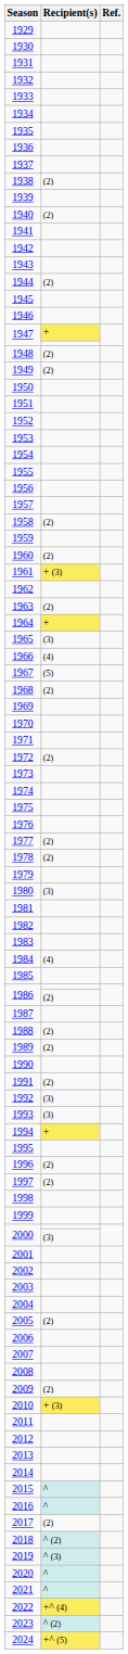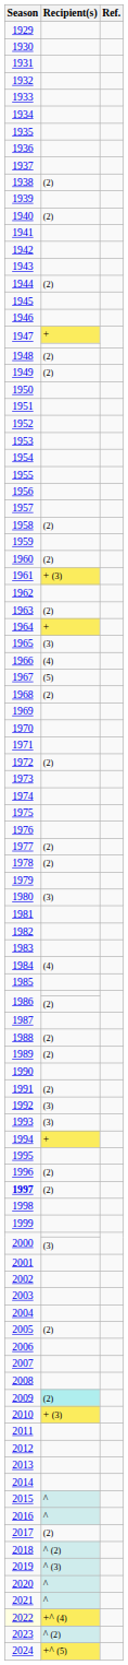 <table class="wikitable sortable" style="text-align:center">
 <tr>
 <th>Season</th>
 <th>Recipient(s)</th>
 <th>Ref.</th>
 </tr>
 <tr>
 <td><a href='#'>1929</a></td>
 <td align=left></td>
 <td></td>
 </tr>
 <tr>
 <td><a href='#'>1930</a></td>
 <td></td>
 <td></td>
 </tr>
 <tr>
 <td><a href='#'>1931</a></td>
 <td></td>
 <td></td>
 </tr>
 <tr>
 <td><a href='#'>1932</a></td>
 <td></td>
 <td></td>
 </tr>
 <tr>
 <td><a href='#'>1933</a></td>
 <td></td>
 <td></td>
 </tr>
 <tr>
 <td><a href='#'>1934</a></td>
 <td align=left></td>
 <td></td>
 </tr>
 <tr>
 <td><a href='#'>1935</a></td>
 <td align=left></td>
 <td></td>
 </tr>
 <tr>
 <td><a href='#'>1936</a></td>
 <td align=left></td>
 <td></td>
 </tr>
 <tr>
 <td><a href='#'>1937</a></td>
 <td align=left></td>
 <td></td>
 </tr>
 <tr>
 <td><a href='#'>1938</a></td>
 <td align=left> <small>(2)</small></td>
 <td></td>
 </tr>
 <tr>
 <td><a href='#'>1939</a></td>
 <td align=left></td>
 <td></td>
 </tr>
 <tr>
 <td><a href='#'>1940</a></td>
 <td align=left> <small>(2)</small></td>
 <td></td>
 </tr>
 <tr>
 <td><a href='#'>1941</a></td>
 <td align=left></td>
 <td></td>
 </tr>
 <tr>
 <td><a href='#'>1942</a></td>
 <td align=left></td>
 <td></td>
 </tr>
 <tr>
 <td><a href='#'>1943</a></td>
 <td align=left></td>
 <td></td>
 </tr>
 <tr>
 <td><a href='#'>1944</a></td>
 <td align=left> <small>(2)</small></td>
 <td></td>
 </tr>
 <tr>
 <td><a href='#'>1945</a></td>
 <td align=left></td>
 <td></td>
 </tr>
 <tr>
 <td><a href='#'>1946</a></td>
 <td align=left></td>
 <td></td>
 </tr>
 <tr>
 <td rowspan=2><a href='#'>1947</a></td>
 <td style="text-align:left; background:#fbec5d;">+</td>
 <td rowspan=2></td>
 </tr>
 <tr>
 <td align=left></td>
 </tr>
 <tr>
 <td><a href='#'>1948</a></td>
 <td align=left> <small>(2)</small></td>
 <td></td>
 </tr>
 <tr>
 <td><a href='#'>1949</a></td>
 <td align=left> <small>(2)</small></td>
 <td></td>
 </tr>
 <tr>
 <td><a href='#'>1950</a></td>
 <td align=left></td>
 <td></td>
 </tr>
 <tr>
 <td><a href='#'>1951</a></td>
 <td align=left></td>
 <td></td>
 </tr>
 <tr>
 <td><a href='#'>1952</a></td>
 <td align=left></td>
 <td></td>
 </tr>
 <tr>
 <td><a href='#'>1953</a></td>
 <td align=left></td>
 <td></td>
 </tr>
 <tr>
 <td><a href='#'>1954</a></td>
 <td align=left></td>
 <td></td>
 </tr>
 <tr>
 <td><a href='#'>1955</a></td>
 <td align=left></td>
 <td></td>
 </tr>
 <tr>
 <td><a href='#'>1956</a></td>
 <td align=left></td>
 <td></td>
 </tr>
 <tr>
 <td><a href='#'>1957</a></td>
 <td align=left></td>
 <td></td>
 </tr>
 <tr>
 <td><a href='#'>1958</a></td>
 <td align=left> <small>(2)</small></td>
 <td></td>
 </tr>
 <tr>
 <td><a href='#'>1959</a></td>
 <td align=left></td>
 <td></td>
 </tr>
 <tr>
 <td><a href='#'>1960</a></td>
 <td align=left> <small>(2)</small></td>
 <td></td>
 </tr>
 <tr>
 <td><a href='#'>1961</a></td>
 <td style="text-align:left; background:#fbec5d;">+ <small>(3)</small></td>
 <td></td>
 </tr>
 <tr>
 <td><a href='#'>1962</a></td>
 <td align=left></td>
 <td></td>
 </tr>
 <tr>
 <td><a href='#'>1963</a></td>
 <td align=left> <small>(2)</small></td>
 <td></td>
 </tr>
 <tr>
 <td><a href='#'>1964</a></td>
 <td style="text-align:left; background:#fbec5d;">+</td>
 <td></td>
 </tr>
 <tr>
 <td><a href='#'>1965</a></td>
 <td align=left> <small>(3)</small></td>
 <td></td>
 </tr>
 <tr>
 <td><a href='#'>1966</a></td>
 <td align=left> <small>(4)</small></td>
 <td></td>
 </tr>
 <tr>
 <td><a href='#'>1967</a></td>
 <td align=left> <small>(5)</small></td>
 <td></td>
 </tr>
 <tr>
 <td><a href='#'>1968</a></td>
 <td align=left> <small>(2)</small></td>
 <td></td>
 </tr>
 <tr>
 <td><a href='#'>1969</a></td>
 <td align=left></td>
 <td></td>
 </tr>
 <tr>
 <td><a href='#'>1970</a></td>
 <td align=left></td>
 <td></td>
 </tr>
 <tr>
 <td><a href='#'>1971</a></td>
 <td align=left></td>
 <td></td>
 </tr>
 <tr>
 <td><a href='#'>1972</a></td>
 <td align=left> <small>(2)</small></td>
 <td></td>
 </tr>
 <tr>
 <td><a href='#'>1973</a></td>
 <td align=left></td>
 <td></td>
 </tr>
 <tr>
 <td><a href='#'>1974</a></td>
 <td align=left></td>
 <td></td>
 </tr>
 <tr>
 <td><a href='#'>1975</a></td>
 <td align=left></td>
 <td></td>
 </tr>
 <tr>
 <td><a href='#'>1976</a></td>
 <td align=left></td>
 <td></td>
 </tr>
 <tr>
 <td><a href='#'>1977</a></td>
 <td align=left> <small>(2)</small></td>
 <td></td>
 </tr>
 <tr>
 <td><a href='#'>1978</a></td>
 <td align=left> <small>(2)</small></td>
 <td></td>
 </tr>
 <tr>
 <td><a href='#'>1979</a></td>
 <td align=left></td>
 <td></td>
 </tr>
 <tr>
 <td><a href='#'>1980</a></td>
 <td align=left> <small>(3)</small></td>
 <td></td>
 </tr>
 <tr>
 <td><a href='#'>1981</a></td>
 <td align=left></td>
 <td></td>
 </tr>
 <tr>
 <td><a href='#'>1982</a></td>
 <td align=left></td>
 <td></td>
 </tr>
 <tr>
 <td><a href='#'>1983</a></td>
 <td align=left></td>
 <td></td>
 </tr>
 <tr>
 <td><a href='#'>1984</a></td>
 <td align=left> <small>(4)</small></td>
 <td></td>
 </tr>
 <tr>
 <td><a href='#'>1985</a></td>
 <td align=left></td>
 <td></td>
 </tr>
 <tr>
 <td rowspan=2><a href='#'>1986</a></td>
 <td align=left></td>
 <td rowspan=2></td>
 </tr>
 <tr>
 <td align=left> <small>(2)</small></td>
 </tr>
 <tr>
 <td><a href='#'>1987</a></td>
 <td align=left></td>
 <td></td>
 </tr>
 <tr>
 <td><a href='#'>1988</a></td>
 <td align=left> <small>(2)</small></td>
 <td></td>
 </tr>
 <tr>
 <td><a href='#'>1989</a></td>
 <td align=left> <small>(2)</small></td>
 <td></td>
 </tr>
 <tr>
 <td><a href='#'>1990</a></td>
 <td align=left></td>
 <td></td>
 </tr>
 <tr>
 <td><a href='#'>1991</a></td>
 <td align=left> <small>(2)</small></td>
 <td></td>
 </tr>
 <tr>
 <td><a href='#'>1992</a></td>
 <td align=left> <small>(3)</small></td>
 <td></td>
 </tr>
 <tr>
 <td><a href='#'>1993</a></td>
 <td align=left> <small>(3)</small></td>
 <td></td>
 </tr>
 <tr>
 <td><a href='#'>1994</a></td>
 <td style="text-align:left; background:#fbec5d;">+</td>
 <td></td>
 </tr>
 <tr>
 <td><a href='#'>1995</a></td>
 <td align=left></td>
 <td></td>
 </tr>
 <tr>
 <td><a href='#'>1996</a></td>
 <td align=left> <small>(2)</small></td>
 <td></td>
 </tr>
 <tr>
-<td><a href='#'>1997</a></td>
+<td><strong><a href='#'>1997</a></strong></td>
 <td align=left> <small>(2)</small></td>
 <td></td>
 </tr>
 <tr>
 <td><a href='#'>1998</a></td>
 <td align=left></td>
 <td></td>
 </tr>
 <tr>
 <td><a href='#'>1999</a></td>
 <td align=left></td>
 <td></td>
 </tr>
 <tr>
 <td rowspan=2><a href='#'>2000</a></td>
 <td align=left></td>
 <td rowspan=2></td>
 </tr>
 <tr>
 <td align=left> <small>(3)</small></td>
 </tr>
 <tr>
 <td><a href='#'>2001</a></td>
 <td align=left></td>
 <td></td>
 </tr>
 <tr>
 <td><a href='#'>2002</a></td>
 <td align=left></td>
 <td></td>
 </tr>
 <tr>
 <td><a href='#'>2003</a></td>
 <td align=left></td>
 <td></td>
 </tr>
 <tr>
 <td><a href='#'>2004</a></td>
 <td align=left></td>
 <td></td>
 </tr>
 <tr>
 <td><a href='#'>2005</a></td>
 <td align=left> <small>(2)</small></td>
 <td></td>
 </tr>
 <tr>
 <td><a href='#'>2006</a></td>
 <td align=left></td>
 <td></td>
 </tr>
 <tr>
 <td><a href='#'>2007</a></td>
 <td align=left></td>
 <td></td>
 </tr>
 <tr>
 <td><a href='#'>2008</a></td>
 <td align=left></td>
 <td></td>
 </tr>
 <tr>
 <td><a href='#'>2009</a></td>
-<td align=left> <small>(2)</small></td>
+<td align=left style="background: paleturquoise;"> <small>(2)</small></td>
 <td></td>
 </tr>
 <tr>
 <td><a href='#'>2010</a></td>
 <td style="text-align:left; background:#fbec5d;">+ <small>(3)</small></td>
 <td></td>
 </tr>
 <tr>
 <td><a href='#'>2011</a></td>
 <td align=left></td>
 <td></td>
 </tr>
 <tr>
 <td><a href='#'>2012</a></td>
 <td align=left></td>
 <td></td>
 </tr>
 <tr>
 <td><a href='#'>2013</a></td>
 <td align=left></td>
 <td></td>
 </tr>
 <tr>
 <td><a href='#'>2014</a></td>
 <td align=left></td>
 <td></td>
 </tr>
 <tr>
 <td><a href='#'>2015</a></td>
 <td style="text-align:left; background:#cfecec;">^</td>
 <td></td>
 </tr>
 <tr>
 <td><a href='#'>2016</a></td>
 <td style="text-align:left; background:#cfecec;">^</td>
 <td></td>
 </tr>
 <tr>
 <td><a href='#'>2017</a></td>
 <td align=left> <small>(2)</small></td>
 <td></td>
 </tr>
 <tr>
 <td><a href='#'>2018</a></td>
 <td style="text-align:left; background:#cfecec;">^ <small>(2)</small></td>
 <td></td>
 </tr>
 <tr>
 <td><a href='#'>2019</a></td>
 <td style="text-align:left; background:#cfecec;">^ <small>(3)</small></td>
 <td></td>
 </tr>
 <tr>
 <td><a href='#'>2020</a></td>
 <td style="text-align:left; background:#cfecec;">^</td>
 <td></td>
 </tr>
 <tr>
 <td><a href='#'>2021</a></td>
 <td style="text-align:left; background:#cfecec;">^</td>
 <td></td>
 </tr>
 <tr>
-<td><a href='#'>2022</a></td>
+<td style="background: lightyellow;"><a href='#'>2022</a></td>
 <td style="text-align:left; background:#fbec5d;">+^ <small>(4)</small></td>
 <td></td>
 </tr>
 <tr>
 <td><a href='#'>2023</a></td>
 <td style="text-align:left; background:#cfecec;">^<small> (2)</small></td>
 <td></td>
 </tr>
 <tr>
 <td><a href='#'>2024</a></td>
 <td style="text-align:left; background:#fbec5d;">+^ <small>(5)</small></td>
 <td></td>
 </tr>
 </table>
